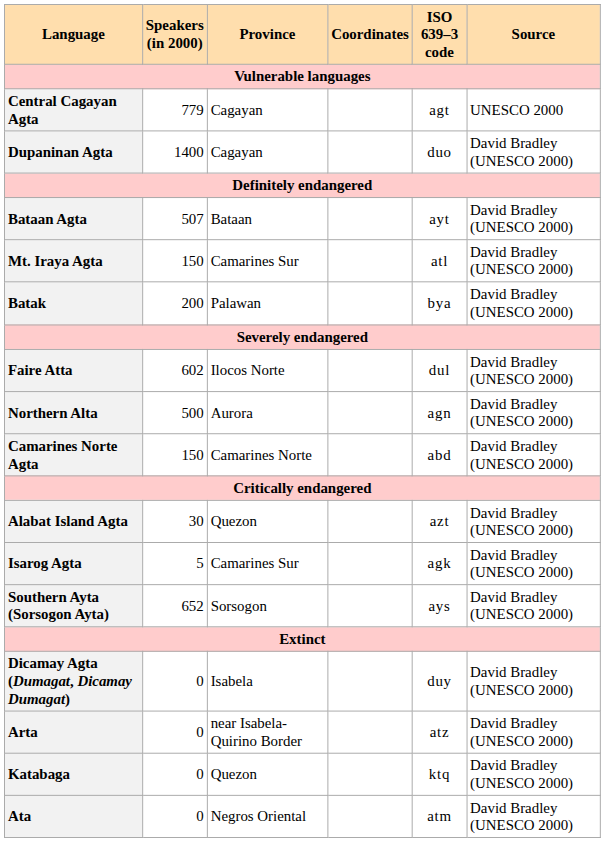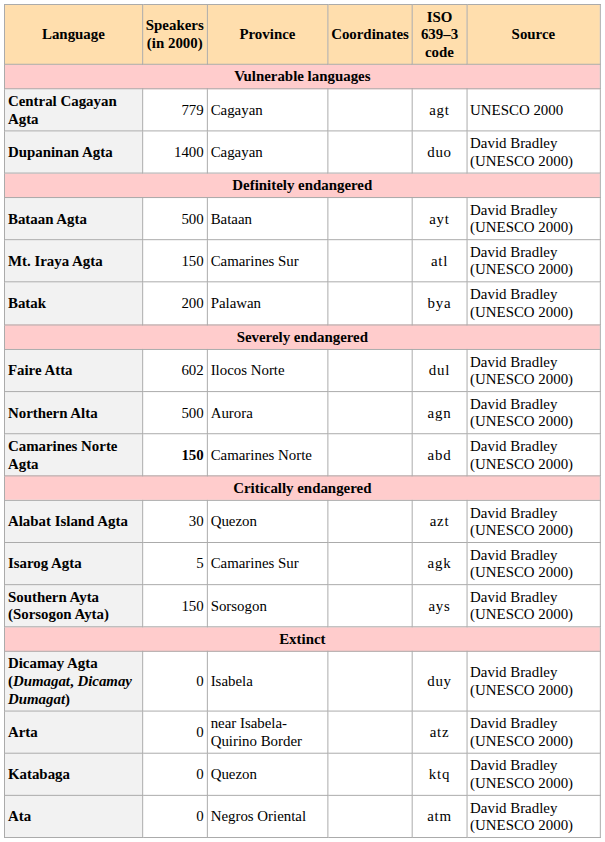 <table class="wikitable" style="font-size:95%;background-color:white;">
 <tr style="background-color:#ffdead;">
 <th scope="col" style="background-color:initial;">Language</th>
 <th scope="col" style="background-color:initial;">Speakers<br>(in 2000)</th>
 <th scope="col" style="background-color:initial;">Province</th>
 <th scope="col" style="background-color:initial;">Coordinates</th>
 <th scope="col" style="background-color:initial;">ISO 639–3<br>code</th>
 <th scope="col" style="background-color:initial;">Source</th>
 </tr>
 <tr>
 <th colspan=6 style="background-color:#FFCCCC;">Vulnerable languages</th>
 </tr>
 <tr>
 <th scope="row" style="text-align:left;">Central Cagayan Agta</th>
 <td style="text-align:right;">779</td>
 <td>Cagayan</td>
 <td></td>
 <td style="text-align:center;letter-spacing:0.05em;">agt</td>
 <td>UNESCO 2000</td>
 </tr>
 <tr>
 <th scope="row" style="text-align:left;">Dupaninan Agta</th>
 <td style="text-align:right;">1400</td>
 <td>Cagayan</td>
 <td></td>
 <td style="text-align:center;letter-spacing:0.05em;">duo</td>
 <td>David Bradley (UNESCO 2000)</td>
 </tr>
 <tr>
 <th colspan=6 style="background-color:#FFCCCC;">Definitely endangered</th>
 </tr>
 <tr>
 <th scope="row" style="text-align:left;">Bataan Agta</th>
-<td style="text-align:right;">507</td>
+<td style="text-align:right;">500</td>
 <td>Bataan</td>
 <td></td>
 <td style="text-align:center;letter-spacing:0.05em;">ayt</td>
 <td>David Bradley (UNESCO 2000)</td>
 </tr>
 <tr>
 <th scope="row" style="text-align:left;">Mt. Iraya Agta</th>
 <td style="text-align:right;">150</td>
 <td>Camarines Sur</td>
 <td></td>
 <td style="text-align:center;letter-spacing:0.05em;">atl</td>
 <td>David Bradley (UNESCO 2000)</td>
 </tr>
 <tr>
 <th scope="row" style="text-align:left;">Batak</th>
 <td style="text-align:right;">200</td>
 <td>Palawan</td>
 <td></td>
 <td style="text-align:center;letter-spacing:0.05em;">bya</td>
 <td>David Bradley (UNESCO 2000)</td>
 </tr>
 <tr>
 <th colspan=6 style="background-color:#FFCCCC;">Severely endangered</th>
 </tr>
 <tr>
 <th scope="row" style="text-align:left;">Faire Atta</th>
 <td style="text-align:right;">602</td>
 <td>Ilocos Norte</td>
 <td></td>
 <td style="text-align:center;letter-spacing:0.05em;">dul</td>
 <td>David Bradley (UNESCO 2000)</td>
 </tr>
 <tr>
 <th scope="row" style="text-align:left;">Northern Alta</th>
 <td style="text-align:right;">500</td>
 <td>Aurora</td>
 <td></td>
 <td style="text-align:center;letter-spacing:0.05em;">agn</td>
 <td>David Bradley (UNESCO 2000)</td>
 </tr>
 <tr>
 <th scope="row" style="text-align:left;">Camarines Norte Agta</th>
-<td style="text-align:right;">150</td>
+<td style="text-align:right;"><strong>150</strong></td>
 <td>Camarines Norte</td>
 <td></td>
 <td style="text-align:center;letter-spacing:0.05em;">abd</td>
 <td>David Bradley (UNESCO 2000)</td>
 </tr>
 <tr>
 <th colspan=6 style="background-color:#FFCCCC;">Critically endangered</th>
 </tr>
 <tr>
 <th scope="row" style="text-align:left;">Alabat Island Agta</th>
 <td style="text-align:right;">30</td>
 <td>Quezon</td>
 <td></td>
 <td style="text-align:center;letter-spacing:0.05em;">azt</td>
 <td>David Bradley (UNESCO 2000)</td>
 </tr>
 <tr>
 <th scope="row" style="text-align:left;">Isarog Agta</th>
 <td style="text-align:right;">5</td>
 <td>Camarines Sur</td>
 <td></td>
 <td style="text-align:center;letter-spacing:0.05em;">agk</td>
 <td>David Bradley (UNESCO 2000)</td>
 </tr>
 <tr>
 <th scope="row" style="text-align:left;">Southern Ayta (Sorsogon Ayta)</th>
-<td style="text-align:right;">652</td>
+<td style="text-align:right;">150</td>
 <td>Sorsogon</td>
 <td></td>
 <td style="text-align:center;letter-spacing:0.05em;">ays</td>
 <td>David Bradley (UNESCO 2000)</td>
 </tr>
 <tr>
 <th colspan=6 style="background-color:#FFCCCC;">Extinct</th>
 </tr>
 <tr>
 <th scope="row" style="text-align:left;">Dicamay Agta<br>(<em>Dumagat</em>, <em>Dicamay Dumagat</em>)</th>
 <td style="text-align:right;">0</td>
 <td>Isabela</td>
 <td></td>
 <td style="text-align:center;letter-spacing:0.05em;">duy</td>
 <td>David Bradley (UNESCO 2000)</td>
 </tr>
 <tr>
 <th scope="row" style="text-align:left;">Arta</th>
 <td style="text-align:right;">0</td>
 <td>near Isabela-Quirino Border</td>
 <td></td>
 <td style="text-align:center;letter-spacing:0.05em;">atz</td>
 <td>David Bradley (UNESCO 2000)</td>
 </tr>
 <tr>
 <th scope="row" style="text-align:left;">Katabaga</th>
 <td style="text-align:right;">0</td>
 <td>Quezon</td>
 <td></td>
 <td style="text-align:center;letter-spacing:0.05em;">ktq</td>
 <td>David Bradley (UNESCO 2000)</td>
 </tr>
 <tr>
 <th scope="row" style="text-align:left;">Ata</th>
 <td style="text-align:right;">0</td>
 <td>Negros Oriental</td>
 <td></td>
 <td style="text-align:center;letter-spacing:0.05em;">atm</td>
 <td>David Bradley (UNESCO 2000)</td>
 </tr>
 </table>
